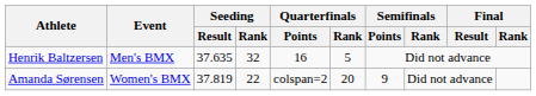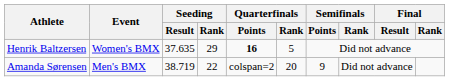 <table class=wikitable style="font-size:90%">
 <tr>
 <th rowspan="2">Athlete</th>
 <th rowspan="2">Event</th>
 <th colspan="2">Seeding</th>
 <th colspan="2">Quarterfinals</th>
 <th colspan="2">Semifinals</th>
 <th colspan="2">Final</th>
 </tr>
 <tr style="font-size:95%">
 <th>Result</th>
 <th>Rank</th>
 <th>Points</th>
 <th>Rank</th>
 <th>Points</th>
 <th>Rank</th>
 <th>Result</th>
 <th>Rank</th>
 </tr>
 <tr align=center>
 <td align=left><a href='#'>Henrik Baltzersen</a></td>
-<td align=left><a href='#'>Men's BMX</a></td>
+<td align=left><a href='#'>Women's BMX</a></td>
 <td>37.635</td>
-<td>32</td>
-<td>16</td>
+<td>29</td>
+<td><strong>16</strong></td>
 <td>5</td>
 <td colspan=4>Did not advance</td>
 </tr>
 <tr align=center>
 <td align=left><a href='#'>Amanda Sørensen</a></td>
-<td align=left><a href='#'>Women's BMX</a></td>
-<td>37.819</td>
+<td align=left><a href='#'>Men's BMX</a></td>
+<td>38.719</td>
 <td>22</td>
 <td>colspan=2 </td>
 <td>20</td>
 <td>9</td>
 <td colspan=2>Did not advance</td>
 </tr>
 </table>
